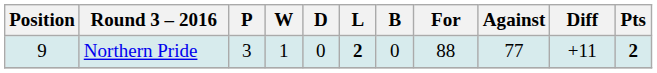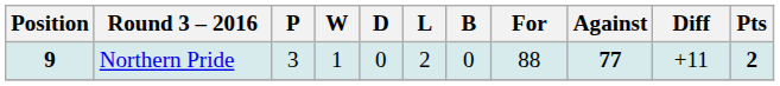 <table class="wikitable" style="text-align:center; font-size:85%;">
 <tr>
 <th width=40 abbr="Position">Position</th>
 <th width=100>Round 3 – 2016</th>
 <th width=20 abbr="Played">P</th>
 <th width=20 abbr="Won">W</th>
 <th width=20 abbr="Drawn">D</th>
 <th width=20 abbr="Lost">L</th>
 <th width=20 abbr="Bye">B</th>
 <th width=40 abbr="Points for">For</th>
 <th width=40 abbr="Points against">Against</th>
 <th width=40 abbr="Points difference">Diff</th>
 <th width=20 abbr="Points">Pts</th>
 </tr>
 <tr style="background: #d7ebed;">
-<td>9</td>
+<td><strong>9</strong></td>
 <td style="text-align:left;"> <a href='#'>Northern Pride</a></td>
 <td>3</td>
 <td>1</td>
 <td>0</td>
-<td><strong>2</strong></td>
+<td>2</td>
 <td>0</td>
 <td>88</td>
-<td>77</td>
+<td><strong>77</strong></td>
 <td>+11</td>
 <td><strong>2</strong></td>
 </tr>
 <tr>
 </tr>
 </table>
